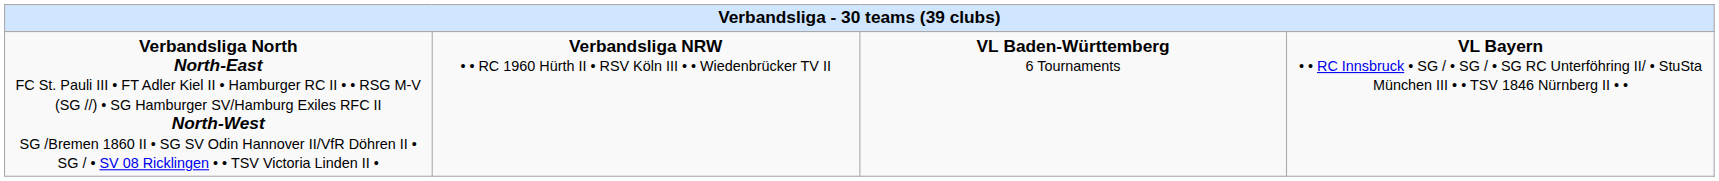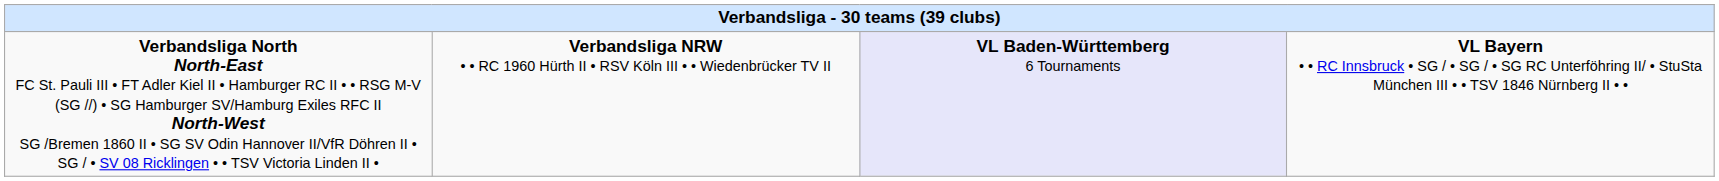 <table class="wikitable" style="border-collapse:collapse; text-align:center; width:100%;">
 <tr>
 <th style="width:95%; background: #D0E6FF;" colspan="4"><strong>Verbandsliga - 30 teams (39 clubs)</strong></th>
 </tr>
 <tr>
 <td style="width:25%; vertical-align: top;" colspan="1"><strong>Verbandsliga North</strong><br><strong><em>North-East</em></strong><br> <small>FC St. Pauli III • FT Adler Kiel II • Hamburger RC II •  • RSG M-V (SG //) • SG Hamburger SV/Hamburg Exiles RFC II</small><br> <strong><em>North-West</em></strong><br> <small>SG /Bremen 1860 II • SG SV Odin Hannover II/VfR Döhren II • SG / • <a href='#'>SV 08 Ricklingen</a> •  • TSV Victoria Linden II • </small></td>
 <td style="width:25%; vertical-align: top;" colspan="1"><strong>Verbandsliga NRW</strong><br><small> •  • RC 1960 Hürth II • RSV Köln III •  • Wiedenbrücker TV II</small></td>
-<td style="width:25%; vertical-align: top;" colspan="1"><strong>VL</strong> <strong>Baden-Württemberg</strong><br><small>6 Tournaments</small></td>
+<td style="background: lavender; width:25%; vertical-align: top;" colspan="1"><strong>VL</strong> <strong>Baden-Württemberg</strong><br><small>6 Tournaments</small></td>
 <td style="width:25%; vertical-align: top;" colspan="1"><strong>VL Bayern</strong><br><small> •  • <a href='#'>RC Innsbruck</a> • SG / • SG / • SG RC Unterföhring II/ • StuSta München III •  • TSV 1846 Nürnberg II •  • </small></td>
 </tr>
 </table>
